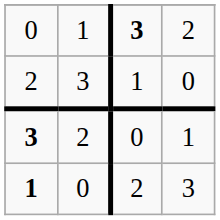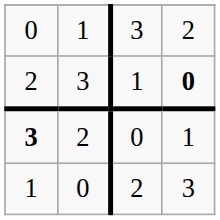 <table class="wikitable" style="margin-left:auto;margin-right:auto;text-align:center;width:8em;height:8em;table-layout:fixed;">
 <tr>
 </tr>
 <tr>
 <td>0</td>
 <td style="border-right:solid">1</td>
-<td><strong>3</strong></td>
+<td>3</td>
 <td>2</td>
 </tr>
 <tr>
 <td>2</td>
 <td style="border-right:solid">3</td>
 <td>1</td>
-<td>0</td>
+<td><strong>0</strong></td>
 </tr>
 <tr>
 <td style="border-top:solid"><strong>3</strong></td>
 <td style="border-top:solid;border-right:solid">2</td>
 <td style="border-top:solid">0</td>
 <td style="border-top:solid">1</td>
 </tr>
 <tr>
-<td><strong>1</strong></td>
+<td>1</td>
 <td style="border-right:solid">0</td>
 <td>2</td>
 <td>3</td>
 </tr>
 </table>
